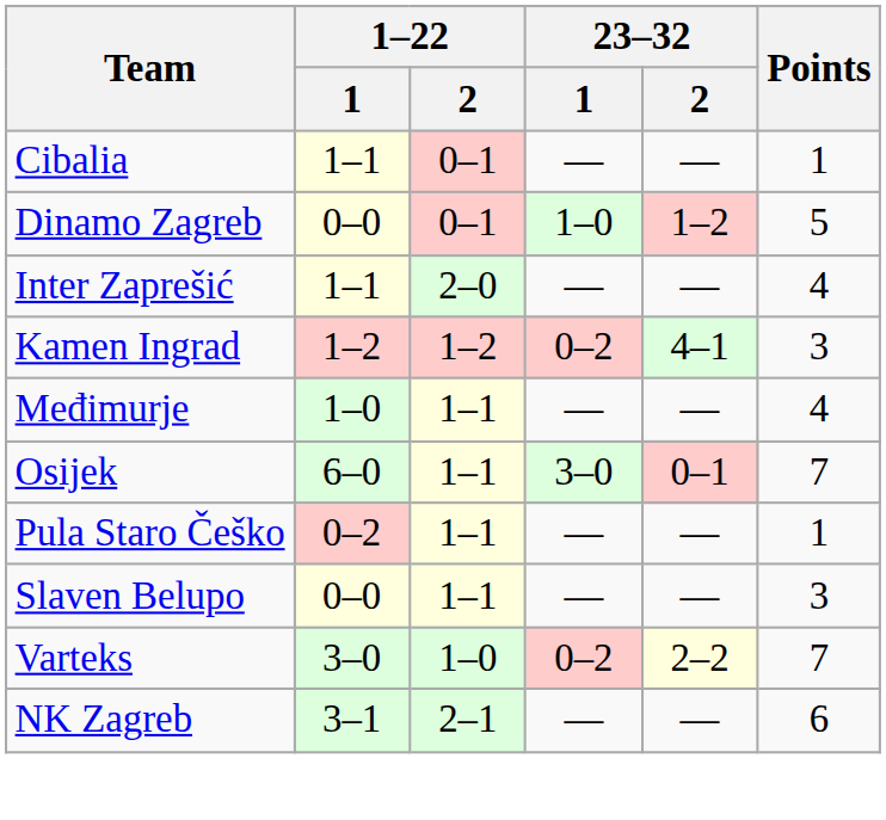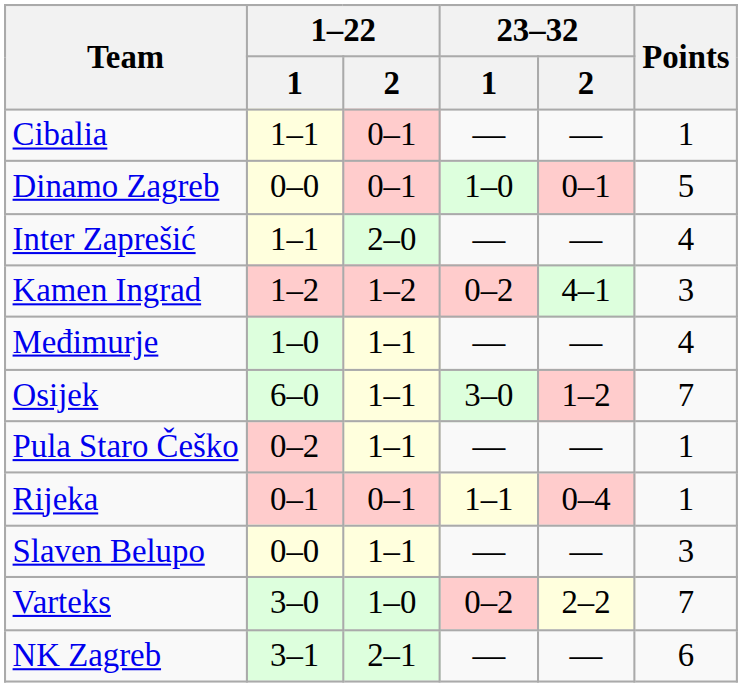 <table class="wikitable" style="text-align:center">
 <tr>
 <th rowspan=2>Team</th>
 <th colspan=2>1–22</th>
 <th colspan=2>23–32</th>
 <th rowspan=2>Points</th>
 </tr>
 <tr>
 <th width=40>1</th>
 <th width=40>2</th>
 <th width=40>1</th>
 <th width=40>2</th>
 </tr>
 <tr>
 <td align=left><a href='#'>Cibalia</a></td>
 <td bgcolor="#ffffdd">1–1</td>
 <td bgcolor=#FFCCCC>0–1</td>
 <td>—</td>
 <td>—</td>
 <td>1</td>
 </tr>
 <tr>
 <td align=left><a href='#'>Dinamo Zagreb</a></td>
 <td bgcolor="#ffffdd">0–0</td>
 <td bgcolor=#FFCCCC>0–1</td>
 <td bgcolor="#ddffdd">1–0</td>
-<td bgcolor=#FFCCCC>1–2</td>
+<td bgcolor=#FFCCCC>0–1</td>
 <td>5</td>
 </tr>
 <tr>
 <td align=left><a href='#'>Inter Zaprešić</a></td>
 <td bgcolor="#ffffdd">1–1</td>
 <td bgcolor="#ddffdd">2–0</td>
 <td>—</td>
 <td>—</td>
 <td>4</td>
 </tr>
 <tr>
 <td align=left><a href='#'>Kamen Ingrad</a></td>
 <td bgcolor=#FFCCCC>1–2</td>
 <td bgcolor=#FFCCCC>1–2</td>
 <td bgcolor=#FFCCCC>0–2</td>
 <td bgcolor="#ddffdd">4–1</td>
 <td>3</td>
 </tr>
 <tr>
 <td align=left><a href='#'>Međimurje</a></td>
 <td bgcolor="#ddffdd">1–0</td>
 <td bgcolor="#ffffdd">1–1</td>
 <td>—</td>
 <td>—</td>
 <td>4</td>
 </tr>
 <tr>
 <td align=left><a href='#'>Osijek</a></td>
 <td bgcolor="#ddffdd">6–0</td>
 <td bgcolor="#ffffdd">1–1</td>
 <td bgcolor="#ddffdd">3–0</td>
-<td bgcolor=#FFCCCC>0–1</td>
+<td bgcolor=#FFCCCC>1–2</td>
 <td>7</td>
 </tr>
 <tr>
 <td align=left><a href='#'>Pula Staro Češko</a></td>
 <td bgcolor=#FFCCCC>0–2</td>
 <td bgcolor="#ffffdd">1–1</td>
 <td>—</td>
 <td>—</td>
+<td>1</td>
+</tr>
+<tr>
+<td align=left><a href='#'>Rijeka</a></td>
+<td bgcolor=#FFCCCC>0–1</td>
+<td bgcolor=#FFCCCC>0–1</td>
+<td bgcolor="#ffffdd">1–1</td>
+<td bgcolor="FFCCCC">0–4</td>
 <td>1</td>
 </tr>
 <tr>
 <td align=left><a href='#'>Slaven Belupo</a></td>
 <td bgcolor="#ffffdd">0–0</td>
 <td bgcolor="#ffffdd">1–1</td>
 <td>—</td>
 <td>—</td>
 <td>3</td>
 </tr>
 <tr>
 <td align=left><a href='#'>Varteks</a></td>
 <td bgcolor="#ddffdd">3–0</td>
 <td bgcolor="#ddffdd">1–0</td>
 <td bgcolor=#FFCCCC>0–2</td>
 <td bgcolor="#ffffdd">2–2</td>
 <td>7</td>
 </tr>
 <tr>
 <td align=left><a href='#'>NK Zagreb</a></td>
 <td bgcolor="#ddffdd">3–1</td>
 <td bgcolor="#ddffdd">2–1</td>
 <td>—</td>
 <td>—</td>
 <td>6</td>
 </tr>
 </table>
